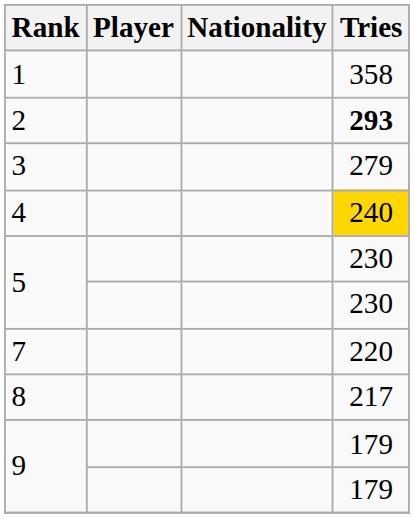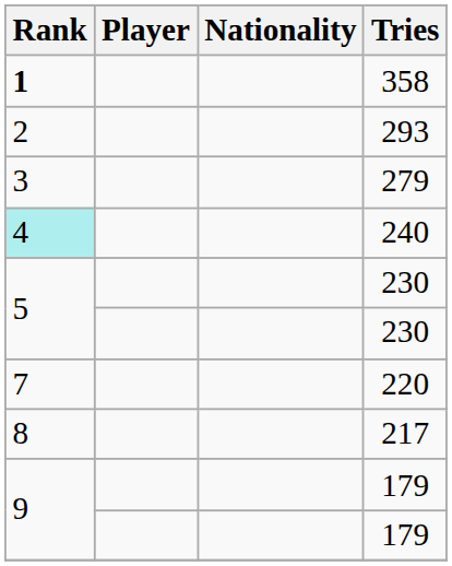 <table class="wikitable sortable">
 <tr>
 <th>Rank</th>
 <th>Player</th>
 <th>Nationality</th>
 <th>Tries</th>
 </tr>
 <tr>
-<td>1</td>
+<td><strong>1</strong></td>
 <td></td>
 <td></td>
 <td align=center>358</td>
 </tr>
 <tr>
 <td>2</td>
 <td><strong></strong></td>
 <td></td>
-<td align=center><strong>293</strong></td>
+<td align=center>293</td>
 </tr>
 <tr>
 <td>3</td>
 <td></td>
 <td></td>
 <td align=center>279</td>
 </tr>
 <tr>
-<td>4</td>
+<td style="background: paleturquoise;">4</td>
 <td><strong></strong></td>
 <td></td>
-<td align=center style="background: gold;">240</td>
+<td align=center>240</td>
 </tr>
 <tr>
 <td rowspan=2>5</td>
 <td></td>
 <td></td>
 <td align=center>230</td>
 </tr>
 <tr>
 <td></td>
 <td></td>
 <td align=center>230</td>
 </tr>
 <tr>
 <td>7</td>
 <td></td>
 <td></td>
 <td align=center>220</td>
 </tr>
 <tr>
 <td>8</td>
 <td></td>
 <td></td>
 <td align=center>217</td>
 </tr>
 <tr>
 <td rowspan=2>9</td>
 <td></td>
 <td></td>
 <td align=center>179</td>
 </tr>
 <tr>
 <td></td>
 <td></td>
 <td align=center>179</td>
 </tr>
 <tr>
 </tr>
 </table>
